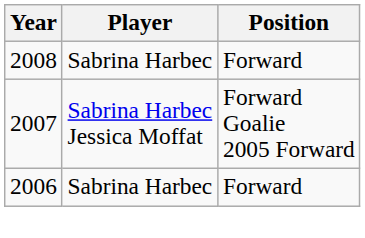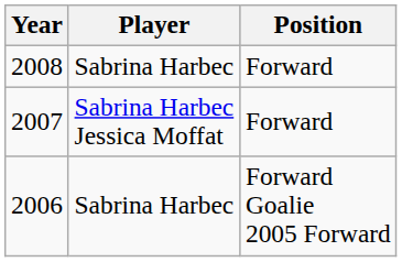 <table class="wikitable">
 <tr>
 <th>Year</th>
 <th>Player</th>
 <th>Position</th>
 </tr>
 <tr>
 <td>2008</td>
 <td>Sabrina Harbec</td>
 <td>Forward</td>
 </tr>
 <tr>
 <td>2007</td>
 <td><a href='#'>Sabrina Harbec</a><br>Jessica Moffat</td>
-<td>Forward<br>Goalie<br>2005 Forward</td>
+<td>Forward</td>
 </tr>
 <tr>
 <td>2006</td>
 <td>Sabrina Harbec</td>
-<td>Forward</td>
+<td>Forward<br>Goalie<br>2005 Forward</td>
 </tr>
 </table>
